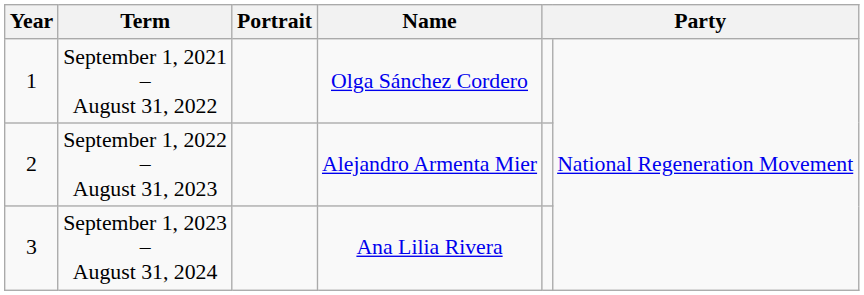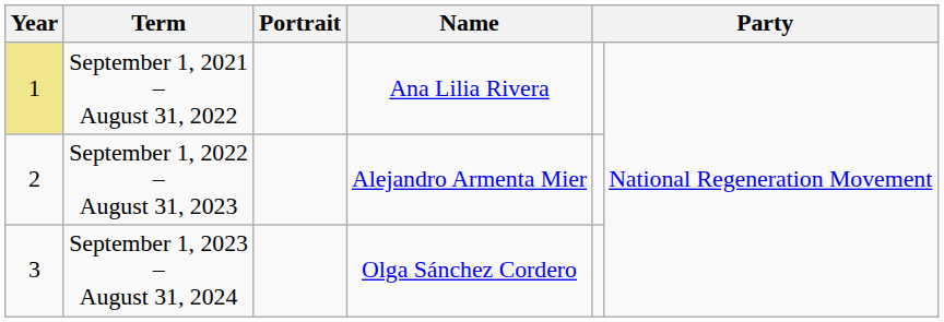 <table class="wikitable sortable" style="text-align:center">
 <tr>
 <th>Year</th>
 <th class="unsortable" scope="col">Term</th>
 <th class="unsortable" scope="col">Portrait</th>
 <th scope="col">Name</th>
 <th colspan="2" scope="col">Party</th>
 </tr>
 <tr>
-<td>1</td>
+<td style="background: khaki;">1</td>
 <td>September 1, 2021<br>–<br>August 31, 2022</td>
 <td></td>
-<td><a href='#'>Olga Sánchez Cordero</a></td>
+<td><a href='#'>Ana Lilia Rivera</a></td>
 <td style="background:"></td>
 <td rowspan="3"><a href='#'>National Regeneration Movement</a></td>
 </tr>
 <tr>
 <td>2</td>
 <td>September 1, 2022<br>–<br>August 31, 2023</td>
 <td></td>
 <td><a href='#'>Alejandro Armenta Mier</a></td>
 <td style="background:"></td>
 </tr>
 <tr>
 <td>3</td>
 <td>September 1, 2023<br>–<br>August 31, 2024</td>
 <td></td>
-<td><a href='#'>Ana Lilia Rivera</a></td>
+<td><a href='#'>Olga Sánchez Cordero</a></td>
 <td style="background:"></td>
 </tr>
 </table>
